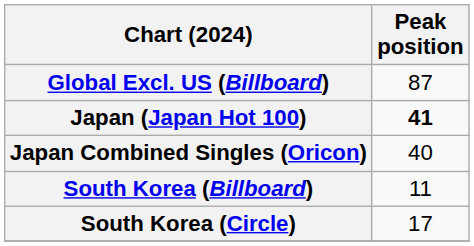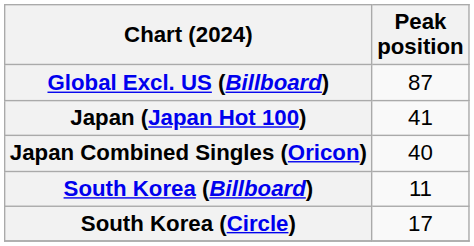 <table class="wikitable plainrowheaders sortable" style="text-align:center">
 <tr>
 <th scope="col">Chart (2024)</th>
 <th scope="col">Peak<br>position</th>
 </tr>
 <tr>
 <th scope="row"><a href='#'>Global Excl. US</a> (<em><a href='#'>Billboard</a></em>)</th>
 <td>87</td>
 </tr>
 <tr>
 <th scope="row">Japan (<a href='#'>Japan Hot 100</a>)</th>
-<td><strong>41</strong></td>
+<td>41</td>
 </tr>
 <tr>
 <th scope="row">Japan Combined Singles (<a href='#'>Oricon</a>)</th>
 <td>40</td>
 </tr>
 <tr>
 <th scope="row"><a href='#'>South Korea</a> (<em><a href='#'>Billboard</a></em>)</th>
 <td>11</td>
 </tr>
 <tr>
 <th scope="row">South Korea (<a href='#'>Circle</a>)</th>
 <td>17</td>
 </tr>
 <tr>
 </tr>
 </table>
